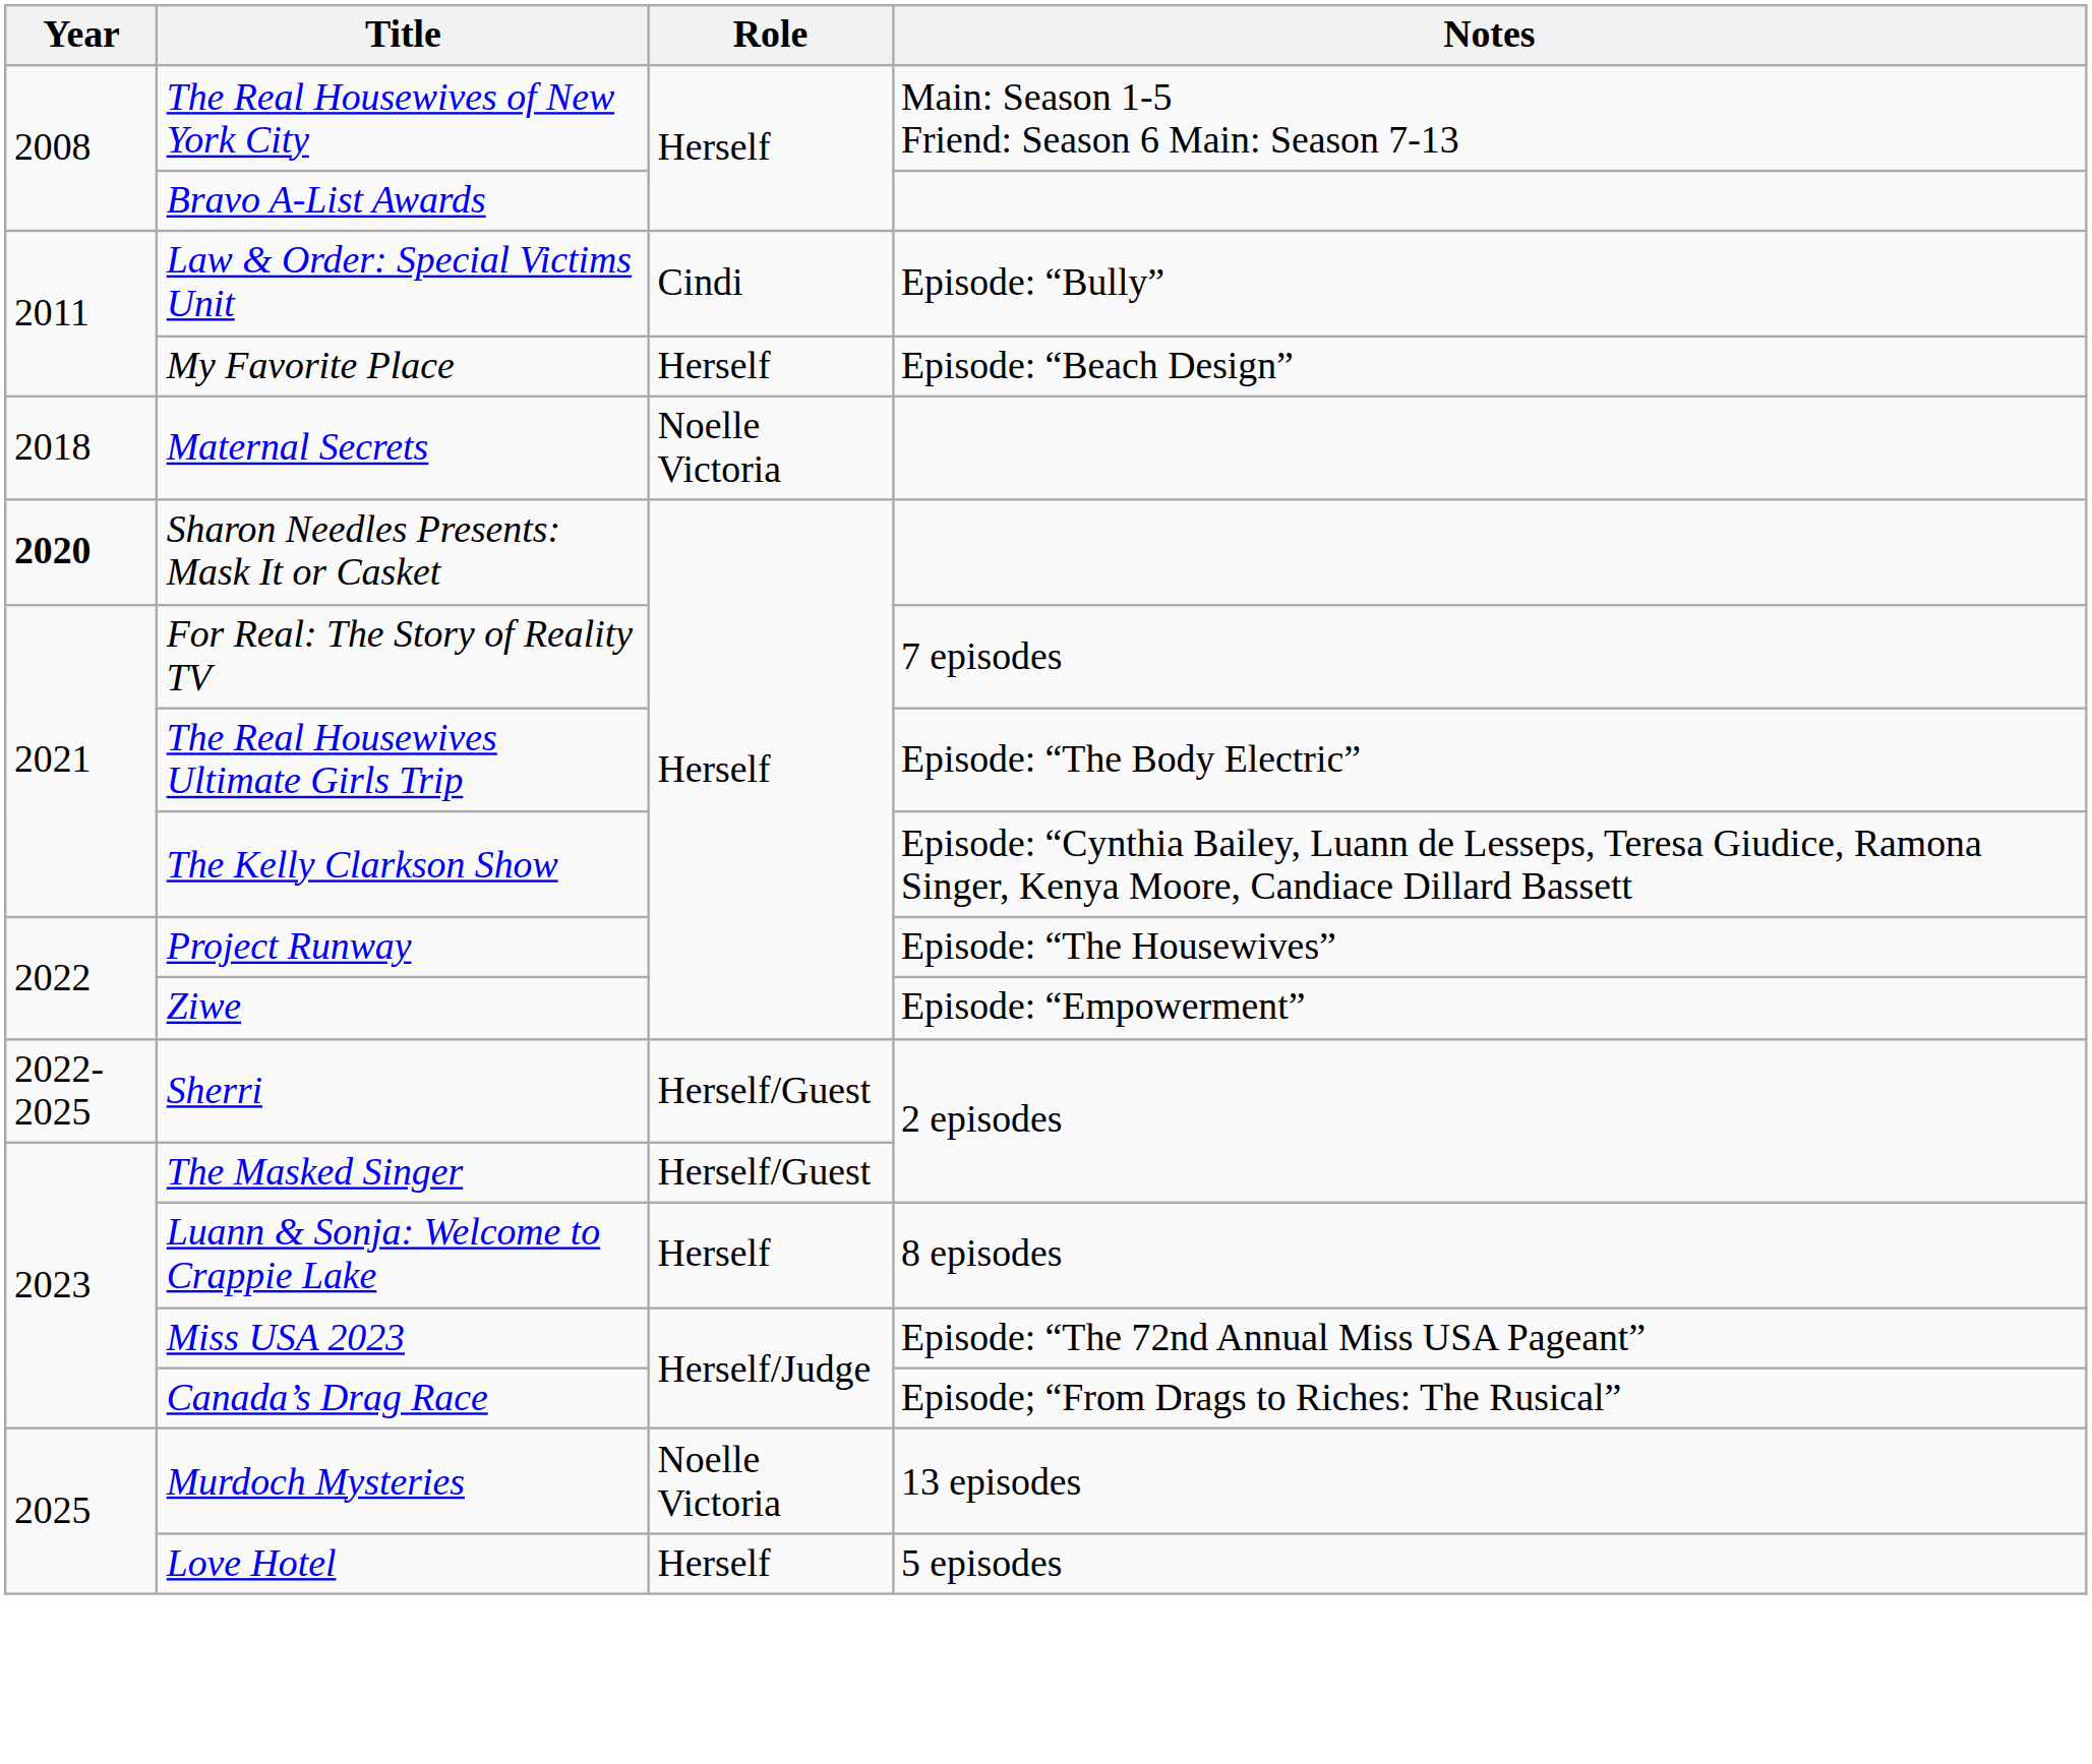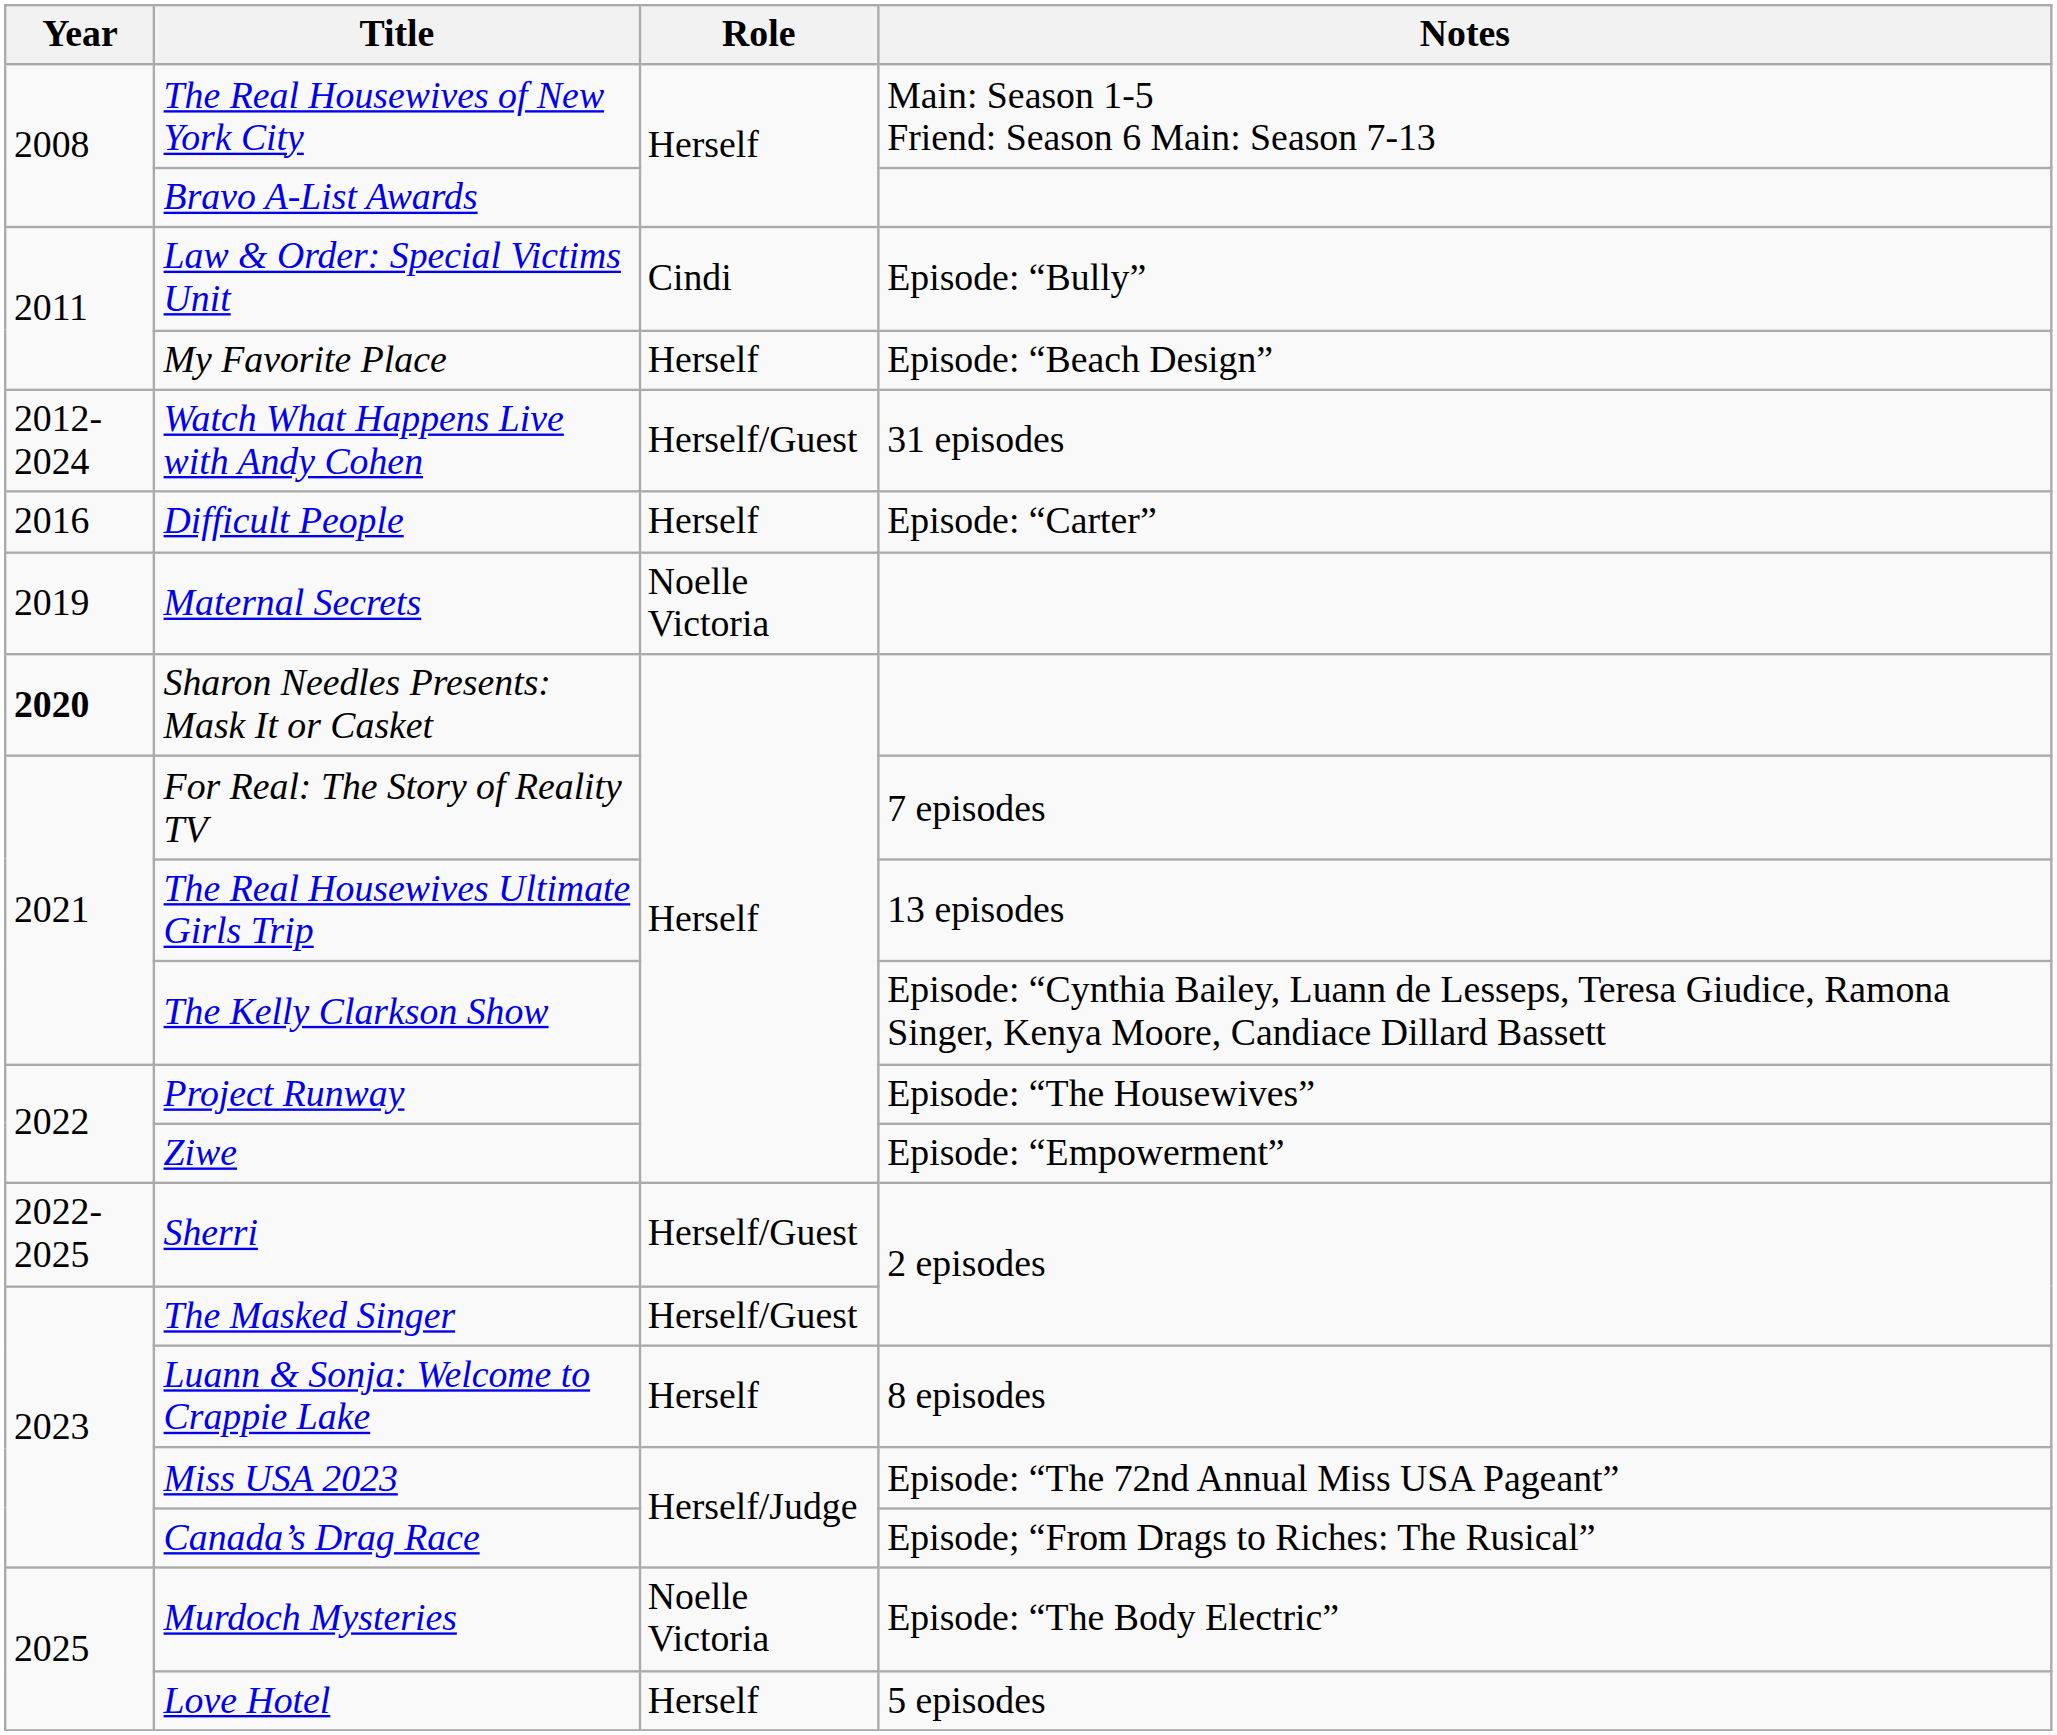 <table class="wikitable">
 <tr>
 <th>Year</th>
 <th>Title</th>
 <th>Role</th>
 <th>Notes</th>
 </tr>
 <tr>
 <td rowspan="2">2008</td>
 <td><em><a href='#'>The Real Housewives of New York City</a></em></td>
 <td rowspan="2">Herself</td>
 <td>Main: Season 1-5<br>Friend: Season 6 Main: Season 7-13</td>
 </tr>
 <tr>
 <td><em><a href='#'>Bravo A-List Awards</a></em></td>
 <td></td>
 </tr>
 <tr>
 <td rowspan="2">2011</td>
 <td><em><a href='#'>Law & Order: Special Victims Unit</a></em></td>
 <td>Cindi</td>
 <td>Episode: “Bully”</td>
 </tr>
 <tr>
 <td><em>My Favorite Place</em></td>
 <td>Herself</td>
 <td>Episode: “Beach Design”</td>
 </tr>
 <tr>
-<td>2018</td>
+<td>2012-2024</td>
+<td><em><a href='#'>Watch What Happens Live with Andy Cohen</a></em></td>
+<td>Herself/Guest</td>
+<td>31 episodes</td>
+</tr>
+<tr>
+<td>2016</td>
+<td><em><a href='#'>Difficult People</a></em></td>
+<td>Herself</td>
+<td>Episode: “Carter”</td>
+</tr>
+<tr>
+<td>2019</td>
 <td><em><a href='#'>Maternal Secrets</a></em></td>
 <td>Noelle Victoria</td>
 <td></td>
 </tr>
 <tr>
 <td><strong>2020</strong></td>
 <td><em>Sharon Needles Presents: Mask It or Casket</em></td>
 <td rowspan="6">Herself</td>
 <td></td>
 </tr>
 <tr>
 <td rowspan="3">2021</td>
 <td><em>For Real: The Story of Reality TV</em></td>
 <td>7 episodes</td>
 </tr>
 <tr>
 <td><em><a href='#'>The Real Housewives Ultimate Girls Trip</a></em></td>
-<td>Episode: “The Body Electric”</td>
+<td>13 episodes</td>
 </tr>
 <tr>
 <td><em><a href='#'>The Kelly Clarkson Show</a></em></td>
 <td>Episode: “Cynthia Bailey, Luann de Lesseps, Teresa Giudice, Ramona Singer, Kenya Moore, Candiace Dillard Bassett</td>
 </tr>
 <tr>
 <td rowspan="2">2022</td>
 <td><em><a href='#'>Project Runway</a></em></td>
 <td>Episode: “The Housewives”</td>
 </tr>
 <tr>
 <td><em><a href='#'>Ziwe</a></em></td>
 <td>Episode: “Empowerment”</td>
 </tr>
 <tr>
 <td>2022-2025</td>
 <td><em><a href='#'>Sherri</a></em></td>
 <td>Herself/Guest</td>
 <td rowspan="2">2 episodes</td>
 </tr>
 <tr>
 <td rowspan="4">2023</td>
 <td><em><a href='#'>The Masked Singer</a></em></td>
 <td>Herself/Guest</td>
 </tr>
 <tr>
 <td><em><a href='#'>Luann & Sonja: Welcome to Crappie Lake</a></em></td>
 <td>Herself</td>
 <td>8 episodes</td>
 </tr>
 <tr>
 <td><em><a href='#'>Miss USA 2023</a></em></td>
 <td rowspan="2">Herself/Judge</td>
 <td>Episode: “The 72nd Annual Miss USA Pageant”</td>
 </tr>
 <tr>
 <td><em><a href='#'>Canada’s Drag Race</a></em></td>
 <td>Episode; “From Drags to Riches: The Rusical”</td>
 </tr>
 <tr>
 <td rowspan="2">2025</td>
 <td><em><a href='#'>Murdoch Mysteries</a></em></td>
 <td>Noelle Victoria</td>
-<td>13 episodes</td>
+<td>Episode: “The Body Electric”</td>
 </tr>
 <tr>
 <td><em><a href='#'>Love Hotel</a></em></td>
 <td>Herself</td>
 <td>5 episodes</td>
 </tr>
 </table>
